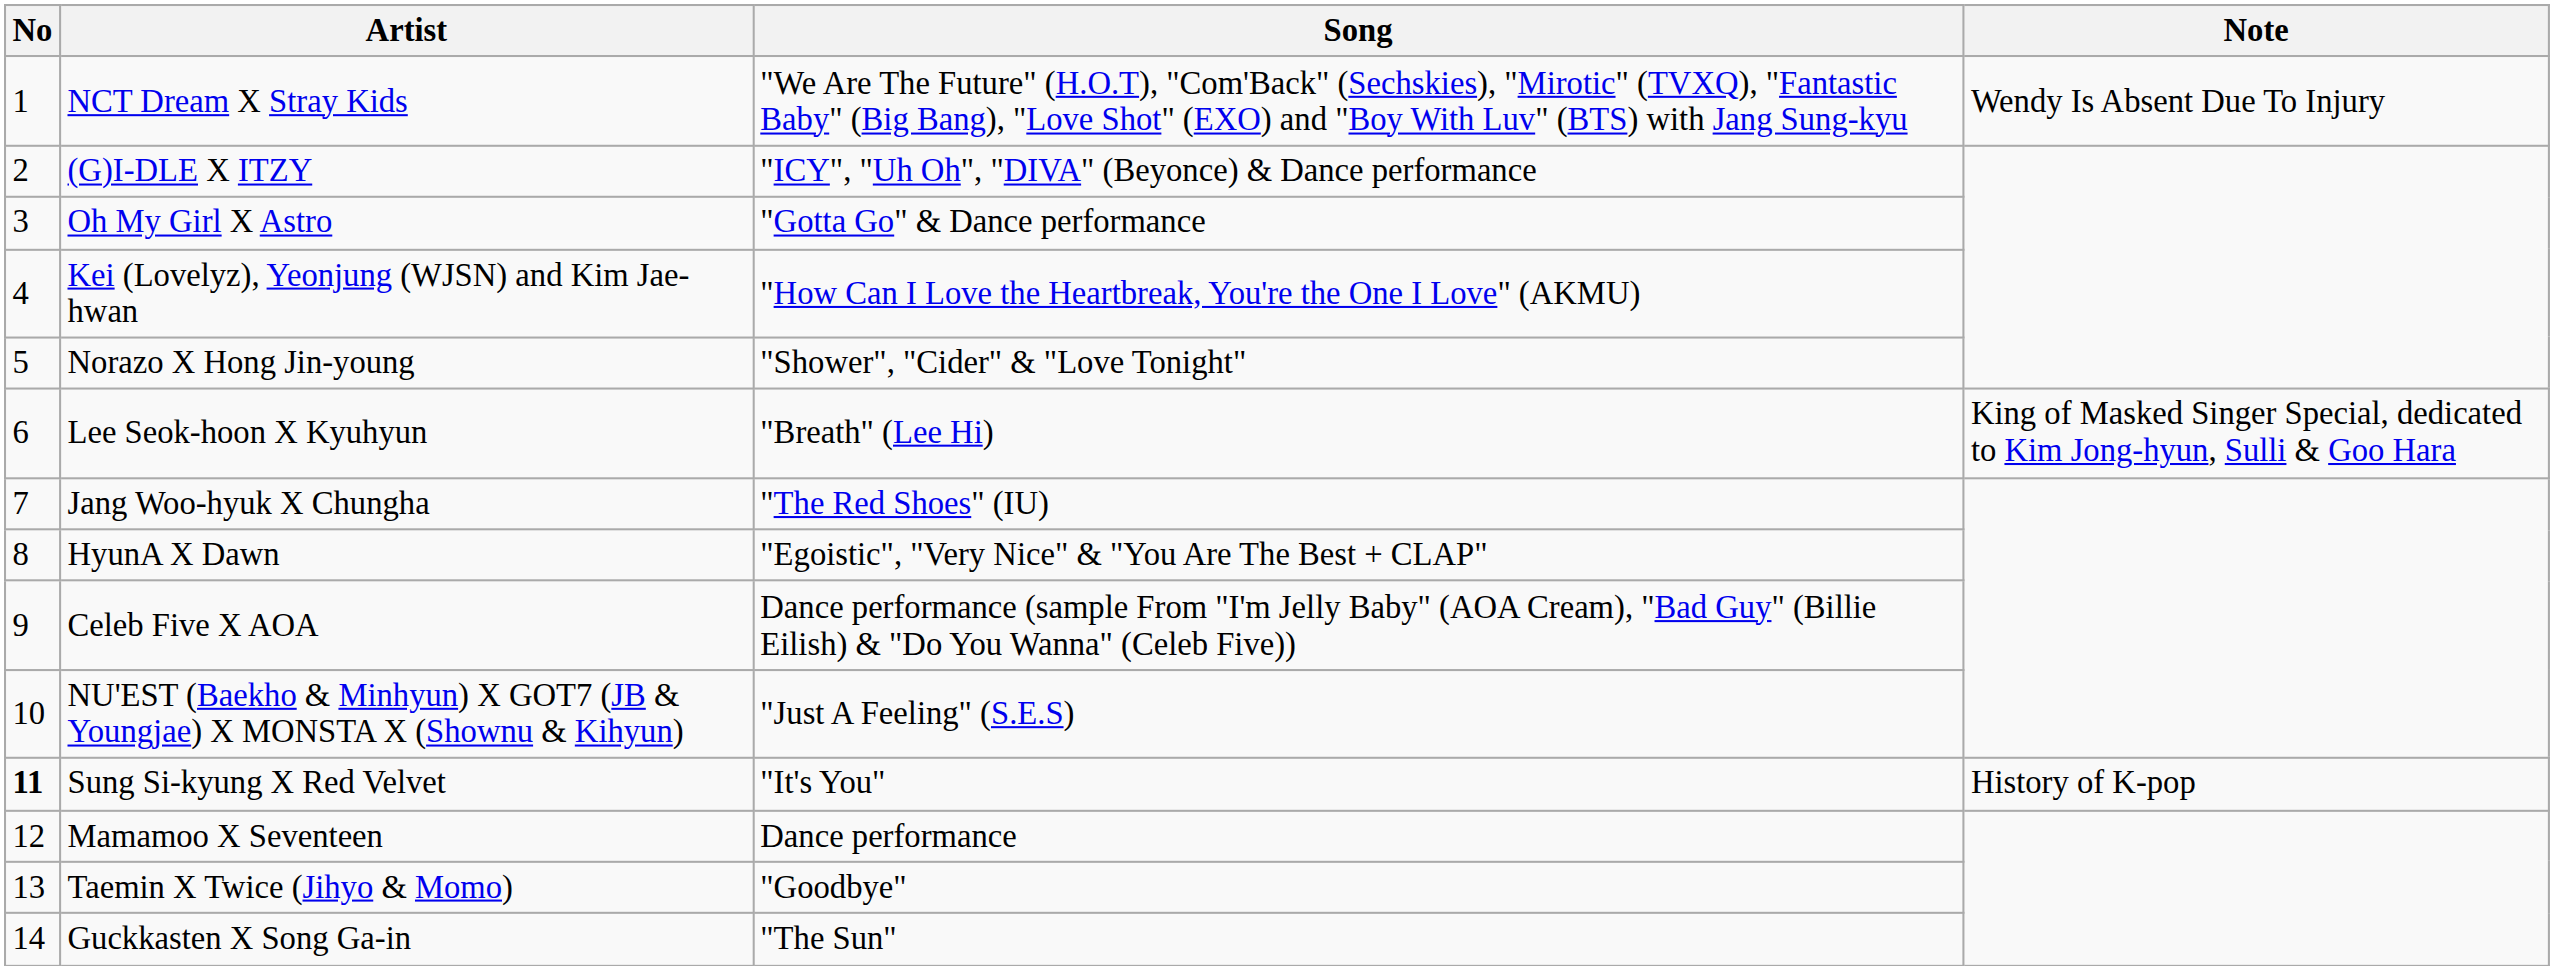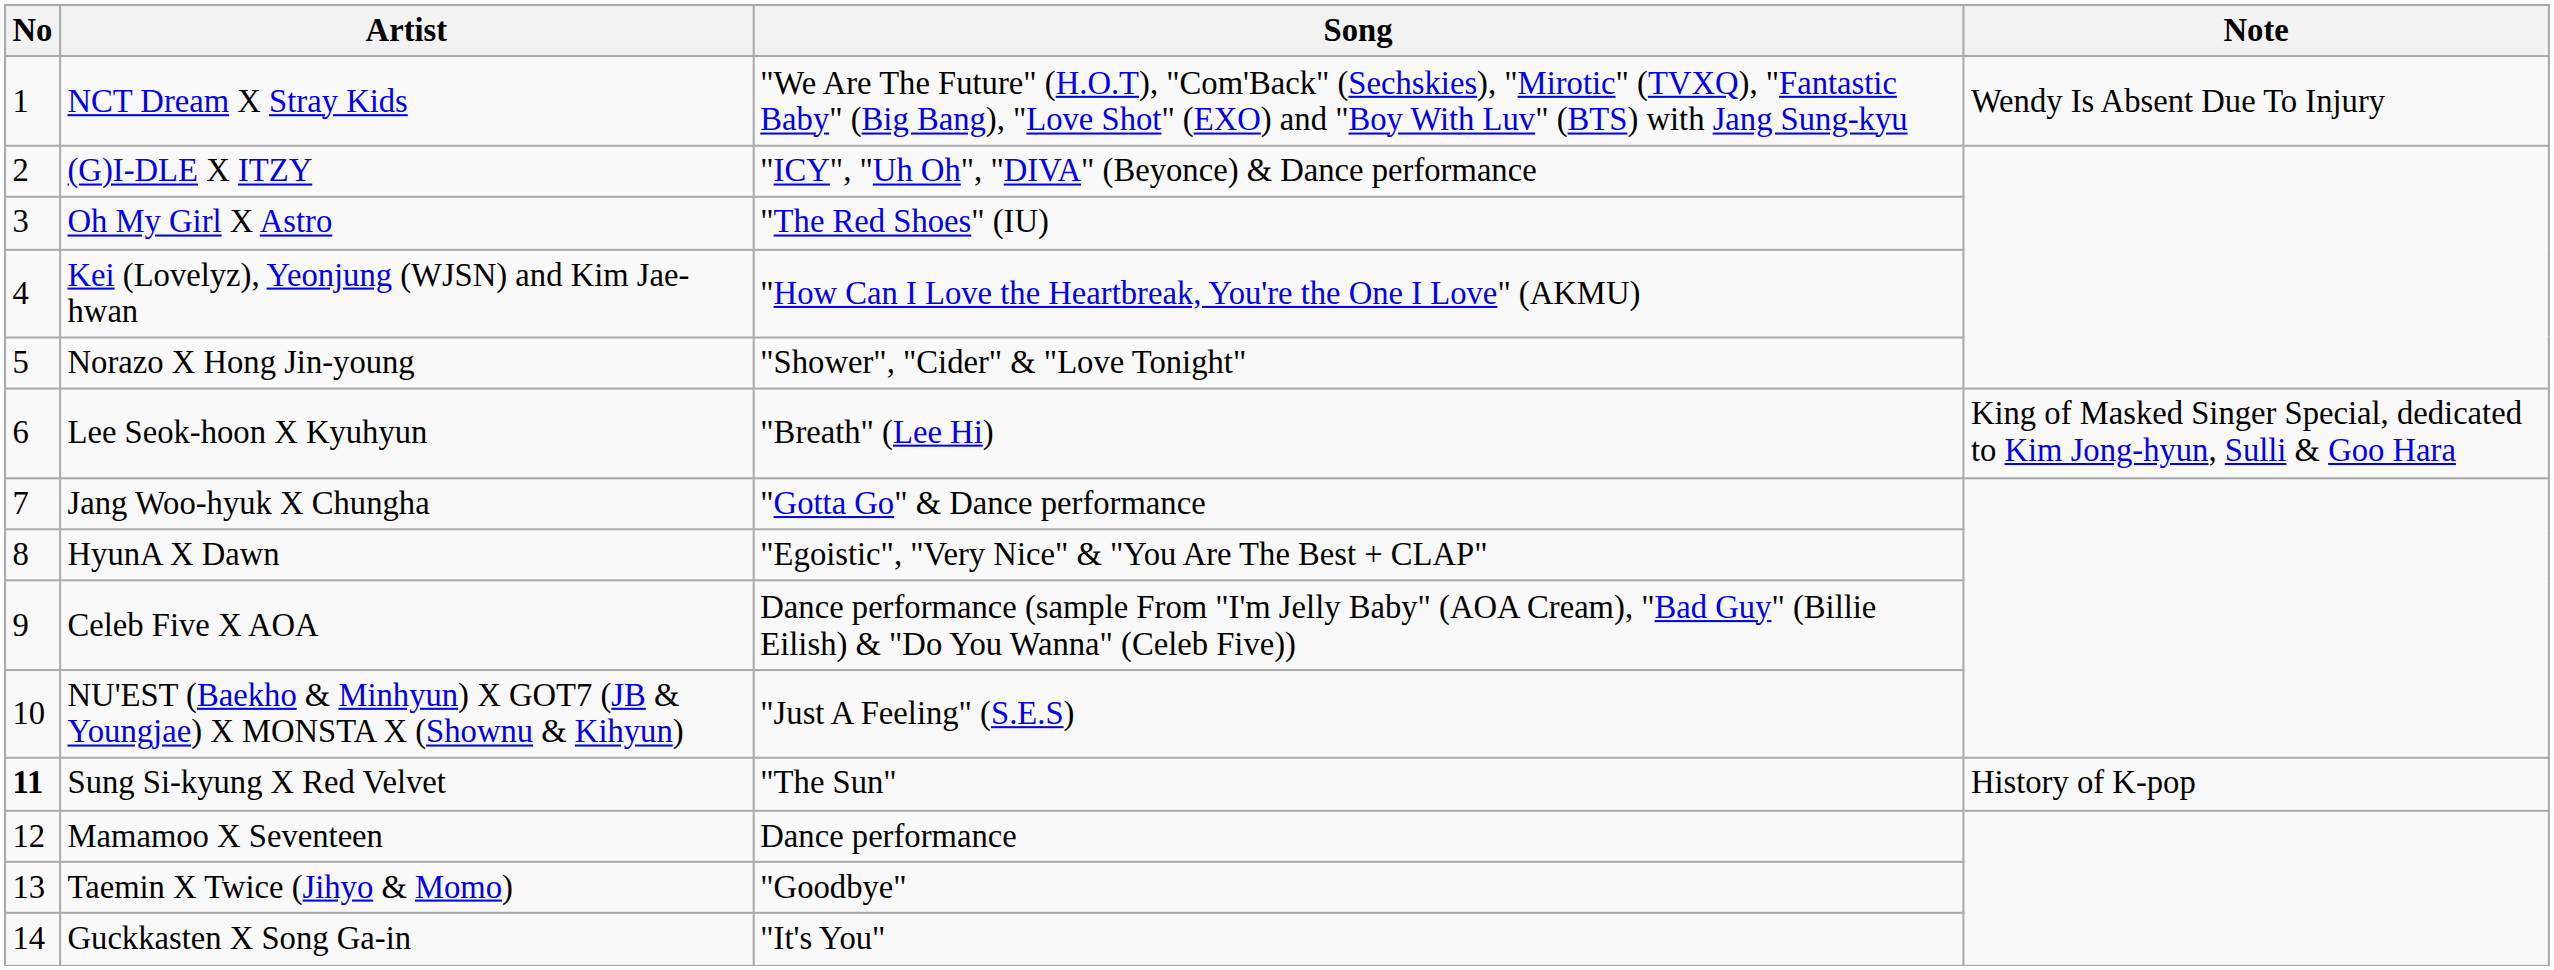 <table class="wikitable">
 <tr>
 <th>No</th>
 <th>Artist</th>
 <th>Song</th>
 <th>Note</th>
 </tr>
 <tr>
 <td>1</td>
 <td><a href='#'>NCT Dream</a> X <a href='#'>Stray Kids</a></td>
 <td>"We Are The Future" (<a href='#'>H.O.T</a>), "Com'Back" (<a href='#'>Sechskies</a>), "<a href='#'>Mirotic</a>" (<a href='#'>TVXQ</a>), "<a href='#'>Fantastic Baby</a>" (<a href='#'>Big Bang</a>), "<a href='#'>Love Shot</a>" (<a href='#'>EXO</a>) and "<a href='#'>Boy With Luv</a>" (<a href='#'>BTS</a>) with <a href='#'>Jang Sung-kyu</a></td>
 <td>Wendy Is Absent Due To Injury</td>
 </tr>
 <tr>
 <td>2</td>
 <td><a href='#'>(G)I-DLE</a> X <a href='#'>ITZY</a></td>
 <td>"<a href='#'>ICY</a>", "<a href='#'>Uh Oh</a>", "<a href='#'>DIVA</a>" (Beyonce) & Dance performance</td>
 </tr>
 <tr>
 <td>3</td>
 <td><a href='#'>Oh My Girl</a> X <a href='#'>Astro</a></td>
-<td>"<a href='#'>Gotta Go</a>" & Dance performance</td>
+<td>"<a href='#'>The Red Shoes</a>" (IU)</td>
 </tr>
 <tr>
 <td>4</td>
 <td><a href='#'>Kei</a> (Lovelyz), <a href='#'>Yeonjung</a> (WJSN) and Kim Jae-hwan</td>
 <td>"<a href='#'>How Can I Love the Heartbreak, You're the One I Love</a>" (AKMU)</td>
 </tr>
 <tr>
 <td>5</td>
 <td>Norazo X Hong Jin-young</td>
 <td>"Shower", "Cider" & "Love Tonight"</td>
 </tr>
 <tr>
 <td>6</td>
 <td>Lee Seok-hoon X Kyuhyun</td>
 <td>"Breath" (<a href='#'>Lee Hi</a>)</td>
 <td>King of Masked Singer Special, dedicated to <a href='#'>Kim Jong-hyun</a>, <a href='#'>Sulli</a> & <a href='#'>Goo Hara</a></td>
 </tr>
 <tr>
 <td>7</td>
 <td>Jang Woo-hyuk X Chungha</td>
-<td>"<a href='#'>The Red Shoes</a>" (IU)</td>
+<td>"<a href='#'>Gotta Go</a>" & Dance performance</td>
 </tr>
 <tr>
 <td>8</td>
 <td>HyunA X Dawn</td>
 <td>"Egoistic", "Very Nice" & "You Are The Best + CLAP"</td>
 </tr>
 <tr>
 <td>9</td>
 <td>Celeb Five X AOA</td>
 <td>Dance performance (sample From "I'm Jelly Baby" (AOA Cream), "<a href='#'>Bad Guy</a>" (Billie Eilish) & "Do You Wanna" (Celeb Five))</td>
 </tr>
 <tr>
 <td>10</td>
 <td>NU'EST (<a href='#'>Baekho</a> & <a href='#'>Minhyun</a>) X GOT7 (<a href='#'>JB</a> & <a href='#'>Youngjae</a>) X MONSTA X (<a href='#'>Shownu</a> & <a href='#'>Kihyun</a>)</td>
 <td>"Just A Feeling" (<a href='#'>S.E.S</a>)</td>
 </tr>
 <tr>
 <td><strong>11</strong></td>
 <td>Sung Si-kyung X Red Velvet</td>
-<td>"It's You"</td>
+<td>"The Sun"</td>
 <td>History of K-pop</td>
 </tr>
 <tr>
 <td>12</td>
 <td>Mamamoo X Seventeen</td>
 <td>Dance performance</td>
 </tr>
 <tr>
 <td>13</td>
 <td>Taemin X Twice (<a href='#'>Jihyo</a> & <a href='#'>Momo</a>)</td>
 <td>"Goodbye"</td>
 </tr>
 <tr>
 <td>14</td>
 <td>Guckkasten X Song Ga-in</td>
-<td>"The Sun"</td>
+<td>"It's You"</td>
 </tr>
 </table>
